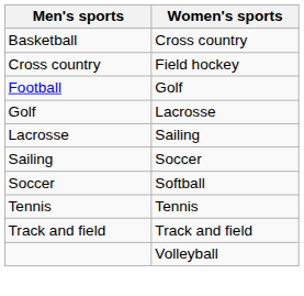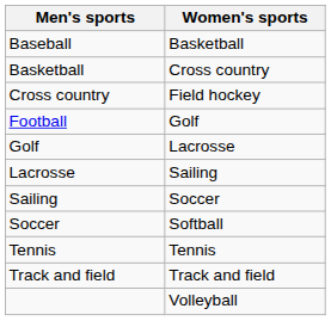 <table class="wikitable"; style= "text-align: ">
 <tr>
 <th width=150px>Men's sports</th>
 <th width=150px>Women's sports</th>
+</tr>
+<tr>
+<td>Baseball</td>
+<td>Basketball</td>
 </tr>
 <tr>
 <td>Basketball</td>
 <td>Cross country</td>
 </tr>
 <tr>
 <td>Cross country</td>
 <td>Field hockey</td>
 </tr>
 <tr>
 <td><a href='#'>Football</a></td>
 <td>Golf</td>
 </tr>
 <tr>
 <td>Golf</td>
 <td>Lacrosse</td>
 </tr>
 <tr>
 <td>Lacrosse</td>
 <td>Sailing</td>
 </tr>
 <tr>
 <td>Sailing</td>
 <td>Soccer</td>
 </tr>
 <tr>
 <td>Soccer</td>
 <td>Softball</td>
 </tr>
 <tr>
 <td>Tennis</td>
 <td>Tennis</td>
 </tr>
 <tr>
 <td>Track and field</td>
 <td>Track and field</td>
 </tr>
 <tr>
 <td></td>
 <td>Volleyball</td>
 </tr>
 </table>
